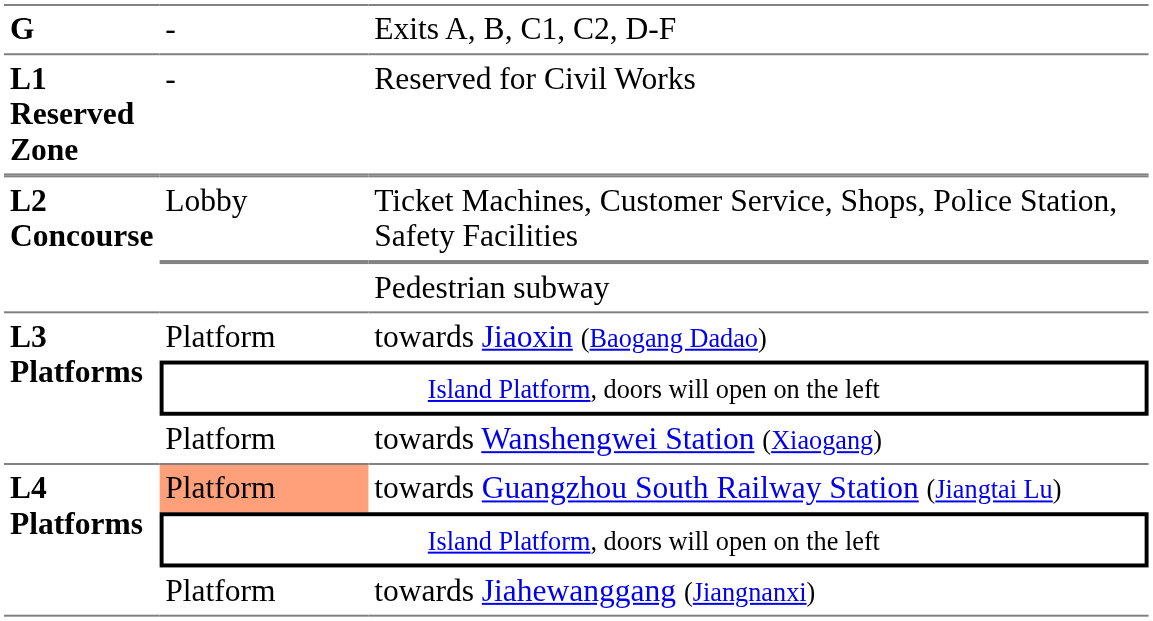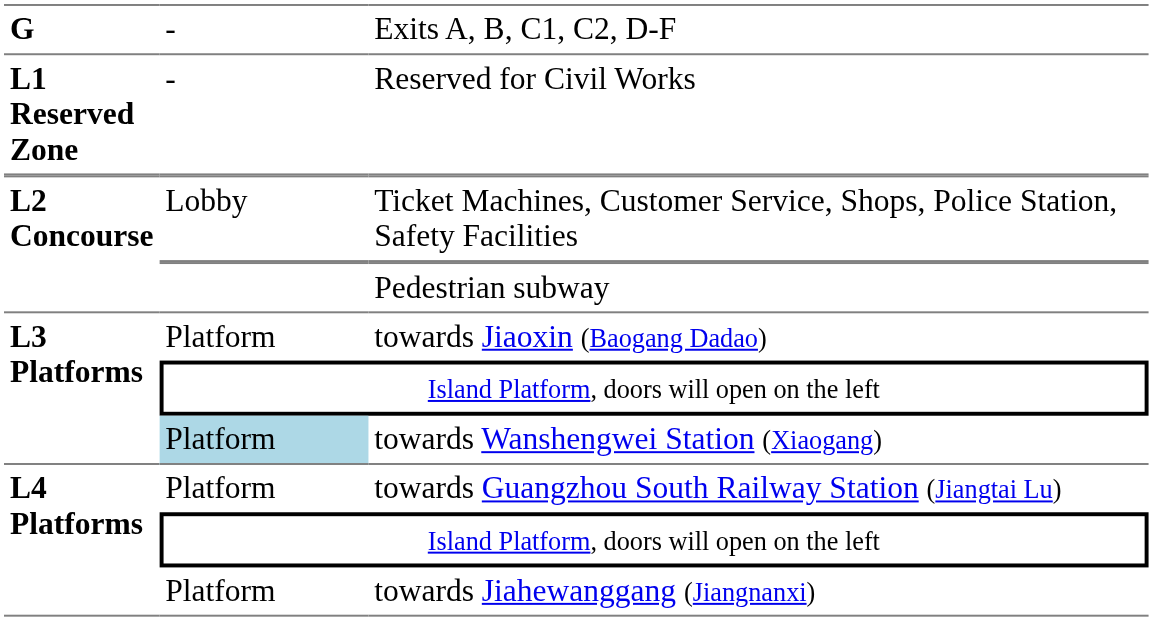 <table table border=0 cellspacing=0 cellpadding=3>
 <tr>
 <td style="border-top:solid 1px gray;" width=50 valign=top><strong>G</strong></td>
 <td style="border-top:solid 1px gray;" width=100 valign=top>-</td>
 <td style="border-top:solid 1px gray;" width=390 valign=top>Exits A, B, C1, C2, D-F</td>
 </tr>
 <tr>
 <td style="border-bottom:solid 1px gray; border-top:solid 1px gray;" valign=top><strong>L1<br>Reserved Zone</strong></td>
 <td style="border-bottom:solid 1px gray; border-top:solid 1px gray;" valign=top>-</td>
 <td style="border-bottom:solid 1px gray; border-top:solid 1px gray;" valign=top>Reserved for Civil Works</td>
 </tr>
 <tr>
 <td style="border-bottom:solid 1px gray; border-top:solid 1px gray;" valign=top rowspan=2><strong>L2<br>Concourse</strong></td>
 <td style="border-bottom:solid 1px gray; border-top:solid 1px gray;" valign=top>Lobby</td>
 <td style="border-bottom:solid 1px gray; border-top:solid 1px gray;" valign=top>Ticket Machines, Customer Service, Shops, Police Station, Safety Facilities</td>
 </tr>
 <tr>
 <td style="border-bottom:solid 1px gray; border-top:solid 1px gray;" valign=top></td>
 <td style="border-bottom:solid 1px gray; border-top:solid 1px gray;" valign=top>Pedestrian subway</td>
 </tr>
 <tr>
 <td style="border-bottom:solid 1px gray;" rowspan=3 valign=top><strong>L3<br>Platforms</strong></td>
 <td>Platform </td>
 <td>  towards <a href='#'>Jiaoxin</a> <small>(<a href='#'>Baogang Dadao</a>)</small></td>
 </tr>
 <tr>
 <td style="border-right:solid 2px black;border-left:solid 2px black;border-top:solid 2px black;border-bottom:solid 2px black;text-align:center;" colspan=2><small><a href='#'>Island Platform</a>, doors will open on the left</small></td>
 </tr>
 <tr>
-<td style="border-bottom:solid 1px gray;">Platform </td>
+<td style="background: lightblue; border-bottom:solid 1px gray;">Platform </td>
 <td style="border-bottom:solid 1px gray;"> towards <a href='#'>Wanshengwei Station</a> <small>(<a href='#'>Xiaogang</a>)</small> </td>
 </tr>
 <tr>
 <td style="border-bottom:solid 1px gray;" rowspan=3 valign=top><strong>L4<br>Platforms</strong></td>
-<td style="background: lightsalmon;">Platform </td>
+<td>Platform </td>
 <td>  towards <a href='#'>Guangzhou South Railway Station</a> <small>(<a href='#'>Jiangtai Lu</a>)</small></td>
 </tr>
 <tr>
 <td style="border-right:solid 2px black;border-left:solid 2px black;border-top:solid 2px black;border-bottom:solid 2px black;text-align:center;" colspan=2><small><a href='#'>Island Platform</a>, doors will open on the left</small></td>
 </tr>
 <tr>
 <td style="border-bottom:solid 1px gray;">Platform </td>
 <td style="border-bottom:solid 1px gray;"> towards <a href='#'>Jiahewanggang</a> <small>(<a href='#'>Jiangnanxi</a>)</small> </td>
 </tr>
 </table>
